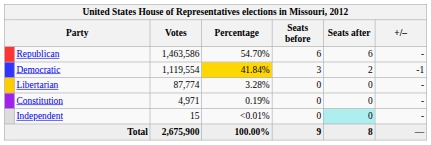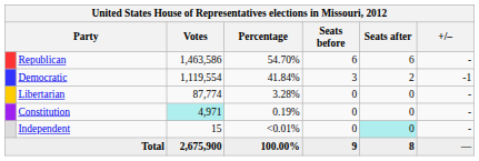 <table class="wikitable" style="font-size: 95%;">
 <tr>
 <th colspan="7">United States House of Representatives elections in Missouri, 2012</th>
 </tr>
 <tr>
 <th colspan=2 style="width: 15em">Party</th>
 <th style="width: 5em">Votes</th>
 <th style="width: 7em">Percentage</th>
 <th style="width: 5em">Seats before</th>
 <th style="width: 5em">Seats after</th>
 <th style="width: 5em">+/–</th>
 </tr>
 <tr>
 <th style="background-color:#FF3333; width: 3px"></th>
 <td style="width: 130px"><a href='#'>Republican</a></td>
 <td align="right">1,463,586</td>
 <td align="right">54.70%</td>
 <td align="right">6</td>
 <td align="right">6</td>
 <td align="right">-</td>
 </tr>
 <tr>
 <th style="background-color:#3333FF; width: 3px"></th>
 <td style="width: 130px"><a href='#'>Democratic</a></td>
 <td align="right">1,119,554</td>
-<td align="right" style="background: gold;">41.84%</td>
+<td align="right">41.84%</td>
 <td align="right">3</td>
 <td align="right">2</td>
 <td align="right">-1</td>
 </tr>
 <tr>
 <th style="background-color:#FFCC00; width: 3px"></th>
 <td style="width: 130px"><a href='#'>Libertarian</a></td>
 <td align="right">87,774</td>
 <td align="right">3.28%</td>
 <td align="right">0</td>
 <td align="right">0</td>
 <td align="right">-</td>
 </tr>
 <tr>
 <th style="background-color:#A020F0; width: 3px"></th>
 <td style="width: 130px"><a href='#'>Constitution</a></td>
-<td align="right">4,971</td>
+<td align="right" style="background: paleturquoise;">4,971</td>
 <td align="right">0.19%</td>
 <td align="right">0</td>
 <td align="right">0</td>
 <td align="right">-</td>
 </tr>
 <tr>
 <th style="background-color:#DDDDDD; width: 3px"></th>
 <td style="width: 130px"><a href='#'>Independent</a></td>
 <td align="right">15</td>
 <td align="right"><0.01%</td>
 <td align="right">0</td>
 <td align="right" style="background: paleturquoise;">0</td>
 <td align="right">-</td>
 </tr>
 <tr bgcolor="#EEEEEE">
 <td colspan="2" align="right"><strong>Total</strong></td>
 <td align="right"><strong>2,675,900</strong></td>
 <td align="right"><strong>100.00%</strong></td>
 <td align="right"><strong>9</strong></td>
 <td align="right"><strong>8</strong></td>
 <td align="right"><strong>—</strong></td>
 </tr>
 </table>
